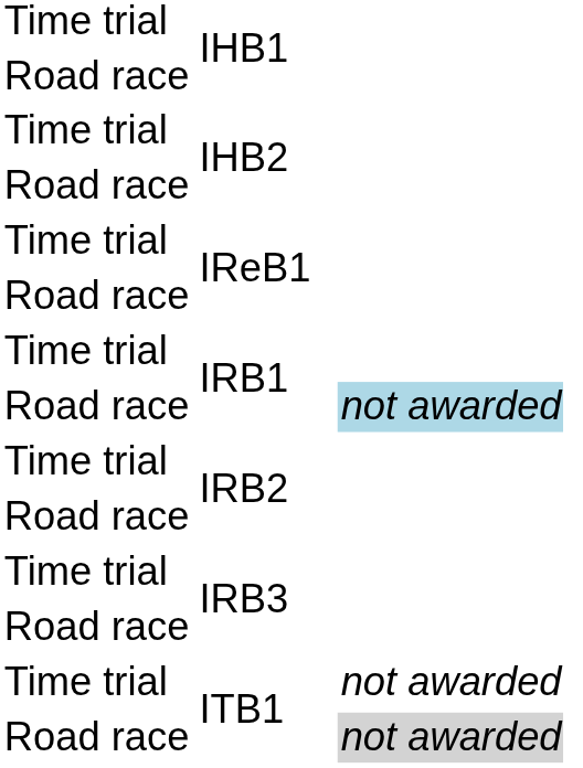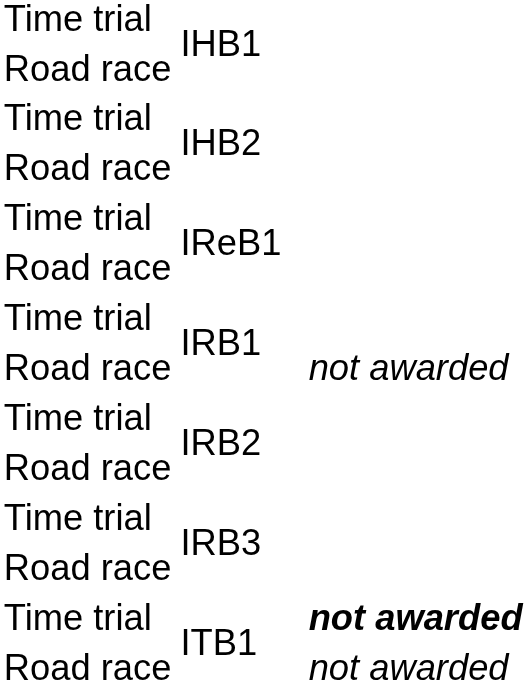 <table>
 <tr>
 <td>Time trial</td>
 <td rowspan=2>IHB1</td>
 <td></td>
 <td></td>
 <td></td>
 </tr>
 <tr>
 <td>Road race</td>
 <td></td>
 <td></td>
 <td></td>
 </tr>
 <tr>
 <td>Time trial</td>
 <td rowspan=2>IHB2</td>
 <td></td>
 <td></td>
 <td></td>
 </tr>
 <tr>
 <td>Road race</td>
 <td></td>
 <td></td>
 <td></td>
 </tr>
 <tr>
 <td>Time trial</td>
 <td rowspan=2>IReB1</td>
 <td></td>
 <td></td>
 <td></td>
 </tr>
 <tr>
 <td>Road race</td>
 <td></td>
 <td></td>
 <td></td>
 </tr>
 <tr>
 <td>Time trial</td>
 <td rowspan=2>IRB1</td>
 <td></td>
 <td></td>
 <td></td>
 </tr>
 <tr>
 <td>Road race</td>
 <td></td>
 <td></td>
-<td style="background: lightblue;"><em>not awarded</em></td>
+<td><em>not awarded</em></td>
 </tr>
 <tr>
 <td>Time trial</td>
 <td rowspan=2>IRB2</td>
 <td></td>
 <td></td>
 <td></td>
 </tr>
 <tr>
 <td>Road race</td>
 <td></td>
 <td></td>
 <td></td>
 </tr>
 <tr>
 <td>Time trial</td>
 <td rowspan=2>IRB3</td>
 <td></td>
 <td></td>
 <td></td>
 </tr>
 <tr>
 <td>Road race</td>
 <td></td>
 <td></td>
 <td></td>
 </tr>
 <tr>
 <td>Time trial</td>
 <td rowspan=2>ITB1</td>
 <td></td>
 <td></td>
-<td><em>not awarded</em></td>
+<td><strong><em>not awarded</em></strong></td>
 </tr>
 <tr>
 <td>Road race</td>
 <td></td>
 <td></td>
-<td style="background: lightgrey;"><em>not awarded</em></td>
+<td><em>not awarded</em></td>
 </tr>
 </table>
